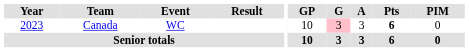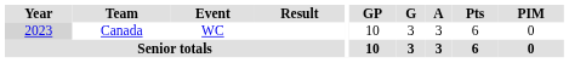 <table border="0" cellpadding="1" cellspacing="0" ID="Table3" style="text-align:center; width:40em;">
 <tr bgcolor="#e0e0e0">
 <th>Year</th>
 <th>Team</th>
 <th>Event</th>
 <th>Result</th>
 <th rowspan="99" bgcolor="#ffffff"></th>
 <th>GP</th>
 <th>G</th>
 <th>A</th>
 <th>Pts</th>
 <th>PIM</th>
 </tr>
 <tr>
-<td><a href='#'>2023</a></td>
+<td style="background: lightgrey;"><a href='#'>2023</a></td>
 <td><a href='#'>Canada</a></td>
 <td><a href='#'>WC</a></td>
 <td></td>
 <td>10</td>
-<td style="background: pink;">3</td>
 <td>3</td>
-<td><strong>6</strong></td>
+<td>3</td>
+<td>6</td>
 <td>0</td>
 </tr>
 <tr bgcolor="#e0e0e0">
 <th colspan="4">Senior totals</th>
 <th>10</th>
 <th>3</th>
 <th>3</th>
 <th>6</th>
 <th>0</th>
 </tr>
 </table>
